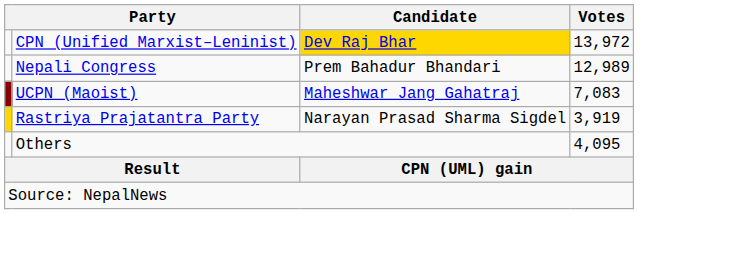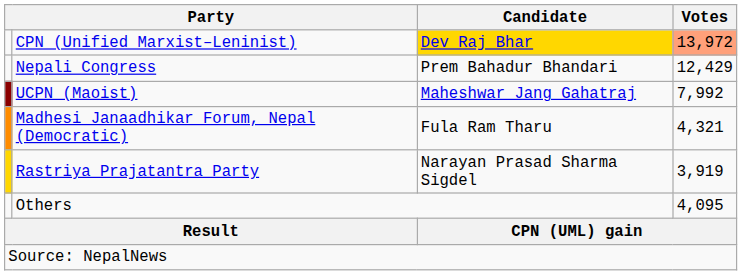 <table class="wikitable">
 <tr>
 <th colspan="2">Party</th>
 <th>Candidate</th>
 <th>Votes</th>
 </tr>
 <tr>
 <td style="background-color:"></td>
 <td><a href='#'>CPN (Unified Marxist–Leninist)</a></td>
 <td style="background: gold;"><a href='#'>Dev Raj Bhar</a></td>
-<td>13,972</td>
+<td style="background: lightsalmon;">13,972</td>
 </tr>
 <tr>
 <td style="background-color:"></td>
 <td><a href='#'>Nepali Congress</a></td>
 <td>Prem Bahadur Bhandari</td>
-<td>12,989</td>
+<td>12,429</td>
 </tr>
 <tr>
 <td style="background-color:darkred"></td>
 <td><a href='#'>UCPN (Maoist)</a></td>
 <td><a href='#'>Maheshwar Jang Gahatraj</a></td>
-<td>7,083</td>
+<td>7,992</td>
+</tr>
+<tr>
+<td style="background-color:darkorange"></td>
+<td><a href='#'>Madhesi Janaadhikar Forum, Nepal (Democratic)</a></td>
+<td>Fula Ram Tharu</td>
+<td>4,321</td>
 </tr>
 <tr>
 <td style="background-color:gold"></td>
 <td><a href='#'>Rastriya Prajatantra Party</a></td>
 <td>Narayan Prasad Sharma Sigdel</td>
 <td>3,919</td>
 </tr>
 <tr>
 <td></td>
 <td colspan="2">Others</td>
 <td>4,095</td>
 </tr>
 <tr>
 <th colspan="2">Result</th>
 <th colspan="2">CPN (UML) gain</th>
 </tr>
 <tr>
 <td colspan="4">Source: NepalNews</td>
 </tr>
 </table>
